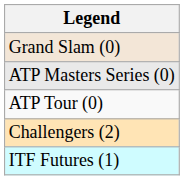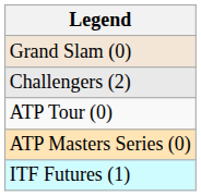 <table class=wikitable>
 <tr>
 <th>Legend</th>
 </tr>
 <tr bgcolor=f3e6d7>
 <td>Grand Slam (0)</td>
 </tr>
 <tr bgcolor=e9e9e9>
-<td>ATP Masters Series (0)</td>
+<td>Challengers (2)</td>
 </tr>
 <tr bgcolor=>
 <td>ATP Tour (0)</td>
 </tr>
 <tr bgcolor=moccasin>
-<td>Challengers (2)</td>
+<td>ATP Masters Series (0)</td>
 </tr>
 <tr bgcolor=cffcff>
 <td>ITF Futures (1)</td>
 </tr>
 </table>
